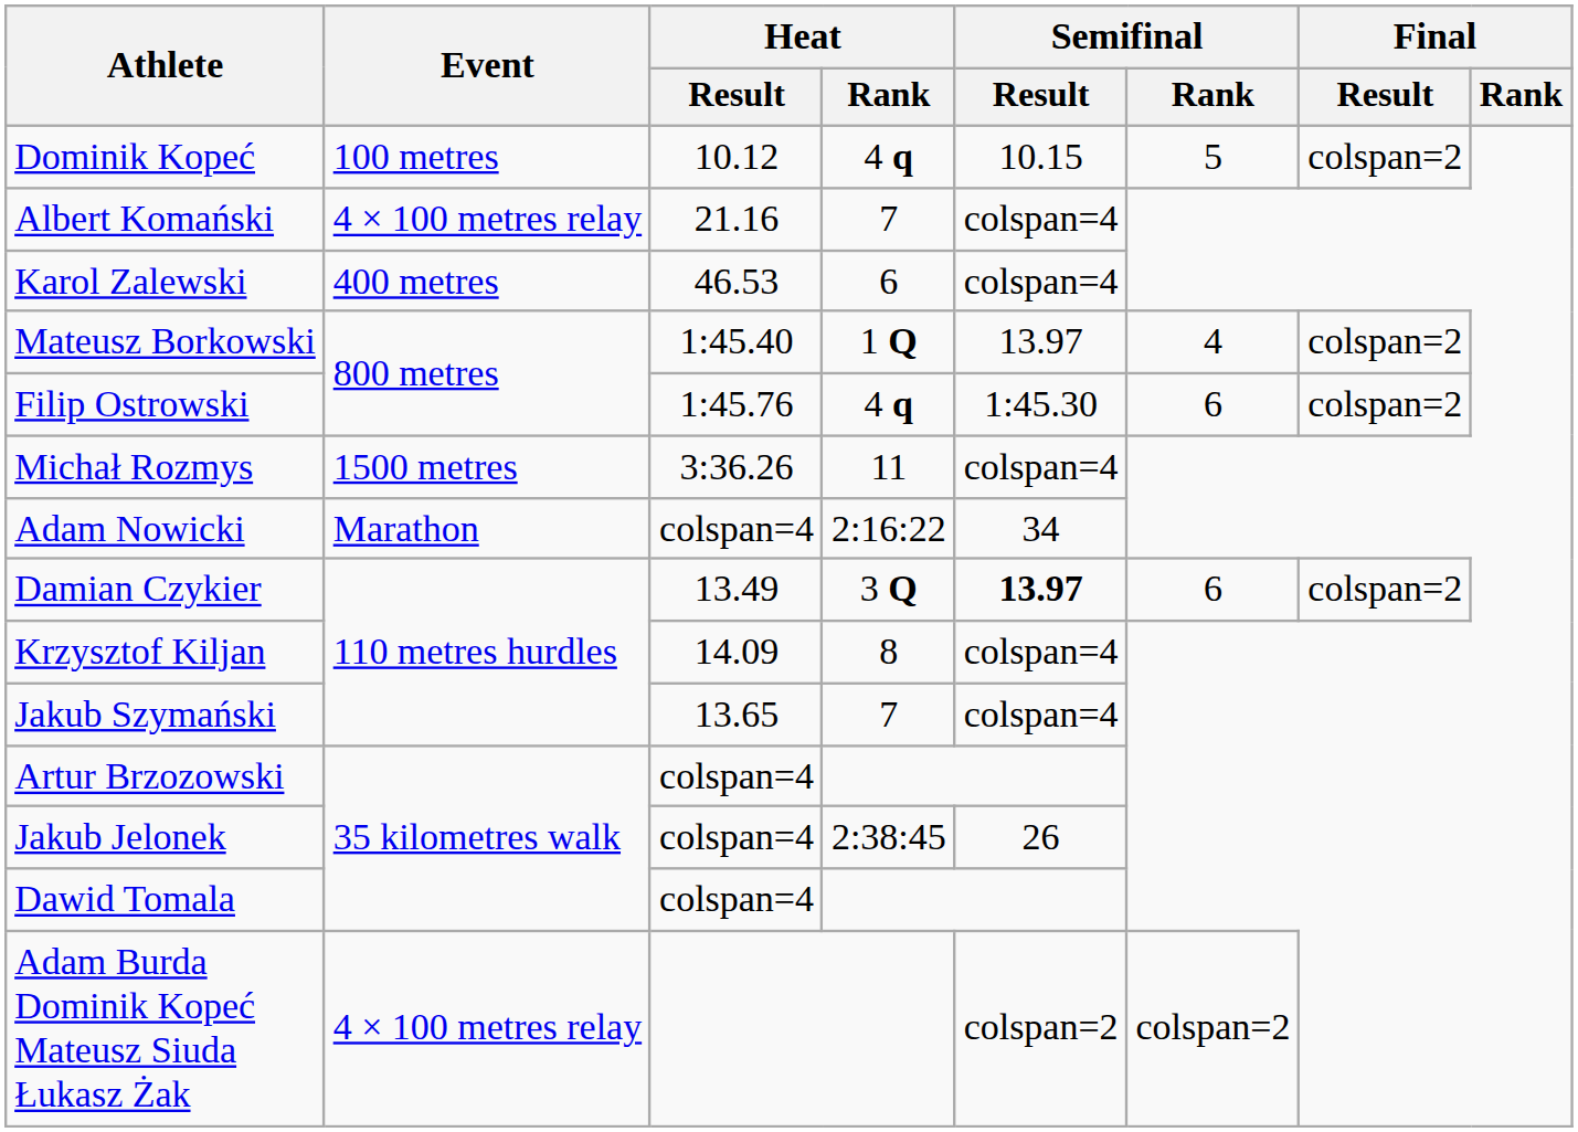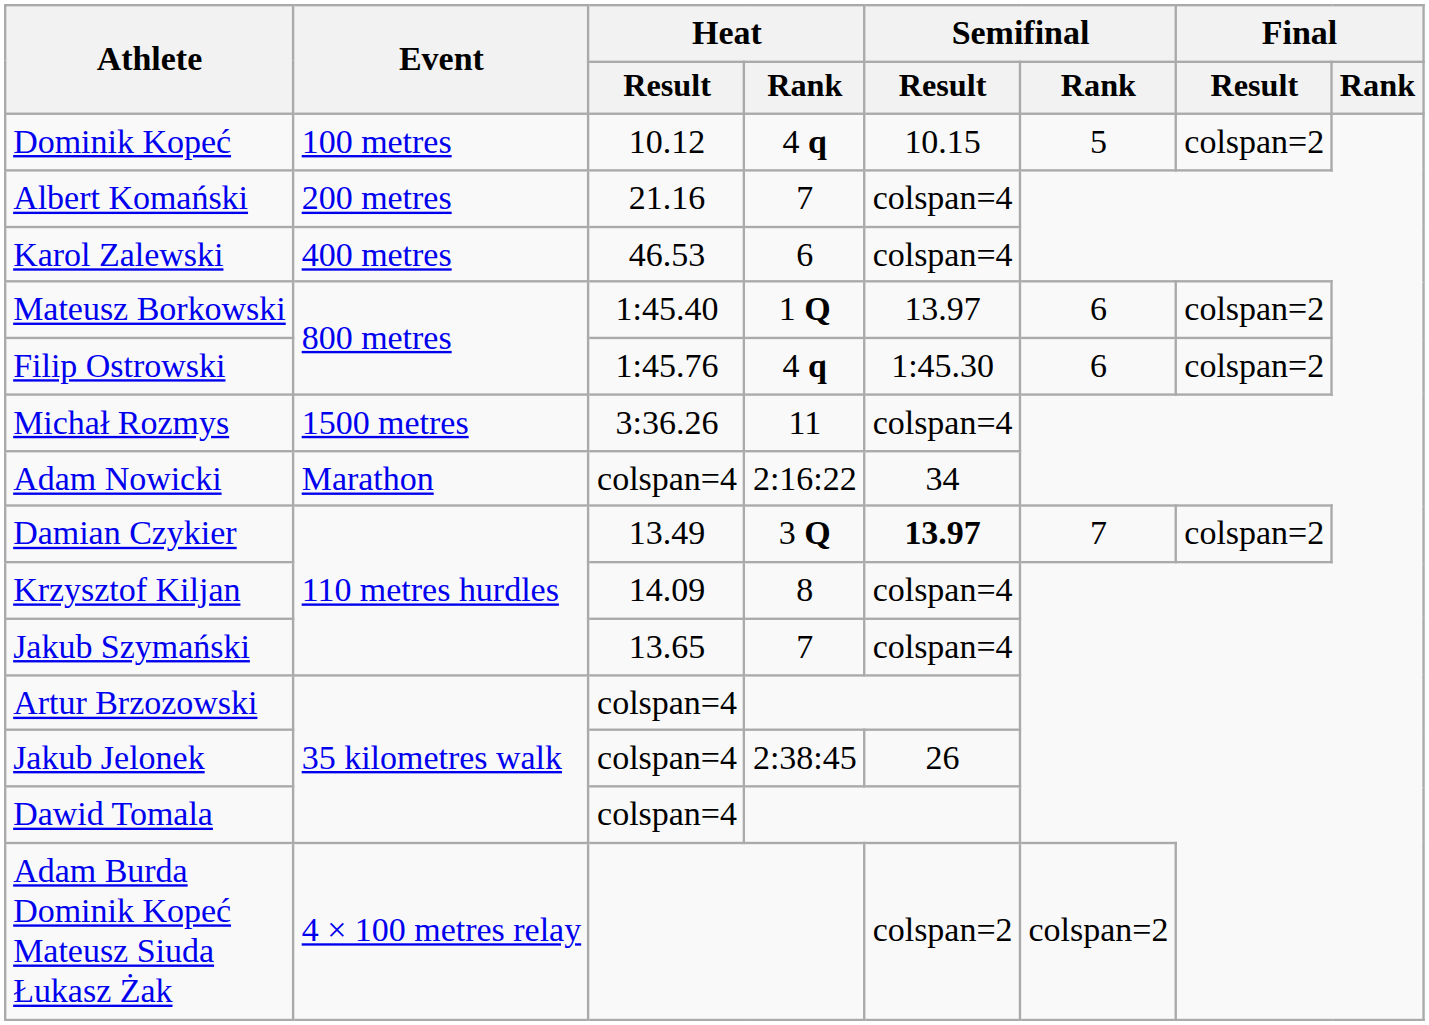 <table class="wikitable" style="font-size:90%">
 <tr>
 <th rowspan="2">Athlete</th>
 <th rowspan="2">Event</th>
 <th colspan="2">Heat</th>
 <th colspan="2">Semifinal</th>
 <th colspan="2">Final</th>
 </tr>
 <tr style="font-size:95%">
 <th>Result</th>
 <th>Rank</th>
 <th>Result</th>
 <th>Rank</th>
 <th>Result</th>
 <th>Rank</th>
 </tr>
 <tr align=center>
 <td align=left><a href='#'>Dominik Kopeć</a></td>
 <td align=left><a href='#'>100 metres</a></td>
 <td>10.12</td>
 <td>4 <strong>q</strong></td>
 <td>10.15</td>
 <td>5</td>
 <td>colspan=2 </td>
 </tr>
 <tr align=center>
 <td align=left><a href='#'>Albert Komański</a></td>
-<td align=left><a href='#'>4 × 100 metres relay</a></td>
+<td align=left><a href='#'>200 metres</a></td>
 <td>21.16</td>
 <td>7</td>
 <td>colspan=4 </td>
 </tr>
 <tr align=center>
 <td align=left><a href='#'>Karol Zalewski</a></td>
 <td align=left><a href='#'>400 metres</a></td>
 <td>46.53</td>
 <td>6</td>
 <td>colspan=4 </td>
 </tr>
 <tr align=center>
 <td align=left><a href='#'>Mateusz Borkowski</a></td>
 <td align=left rowspan=2><a href='#'>800 metres</a></td>
 <td>1:45.40</td>
 <td>1 <strong>Q</strong></td>
 <td>13.97</td>
-<td>4</td>
+<td>6</td>
 <td>colspan=2 </td>
 </tr>
 <tr align=center>
 <td align=left><a href='#'>Filip Ostrowski</a></td>
 <td>1:45.76</td>
 <td>4 <strong>q</strong></td>
 <td>1:45.30 </td>
 <td>6</td>
 <td>colspan=2 </td>
 </tr>
 <tr align=center>
 <td align=left><a href='#'>Michał Rozmys</a></td>
 <td align=left><a href='#'>1500 metres</a></td>
 <td>3:36.26 </td>
 <td>11</td>
 <td>colspan=4 </td>
 </tr>
 <tr align=center>
 <td align=left><a href='#'>Adam Nowicki</a></td>
 <td align=left><a href='#'>Marathon</a></td>
 <td>colspan=4</td>
 <td>2:16:22</td>
 <td>34</td>
 </tr>
 <tr align=center>
 <td align=left><a href='#'>Damian Czykier</a></td>
 <td align=left rowspan=3><a href='#'>110 metres hurdles</a></td>
 <td>13.49 </td>
 <td>3 <strong>Q</strong></td>
 <td><strong>13.97</strong></td>
-<td>6</td>
+<td>7</td>
 <td>colspan=2 </td>
 </tr>
 <tr align=center>
 <td align=left><a href='#'>Krzysztof Kiljan</a></td>
 <td>14.09</td>
 <td>8</td>
 <td>colspan=4 </td>
 </tr>
 <tr align=center>
 <td align=left><a href='#'>Jakub Szymański</a></td>
 <td>13.65</td>
 <td>7</td>
 <td>colspan=4 </td>
 </tr>
 <tr align=center>
 <td align=left><a href='#'>Artur Brzozowski</a></td>
 <td align=left rowspan=3><a href='#'>35 kilometres walk</a></td>
 <td>colspan=4</td>
 <td colspan=2></td>
 </tr>
 <tr align=center>
 <td align=left><a href='#'>Jakub Jelonek</a></td>
 <td>colspan=4</td>
 <td>2:38:45</td>
 <td>26</td>
 </tr>
 <tr align=center>
 <td align=left><a href='#'>Dawid Tomala</a></td>
 <td>colspan=4</td>
 <td colspan=2></td>
 </tr>
 <tr align=center>
 <td align=left><a href='#'>Adam Burda</a><br><a href='#'>Dominik Kopeć</a><br><a href='#'>Mateusz Siuda</a><br><a href='#'>Łukasz Żak</a></td>
 <td align=left><a href='#'>4 × 100 metres relay</a></td>
 <td colspan=2></td>
 <td>colspan=2</td>
 <td>colspan=2 </td>
 </tr>
 </table>
